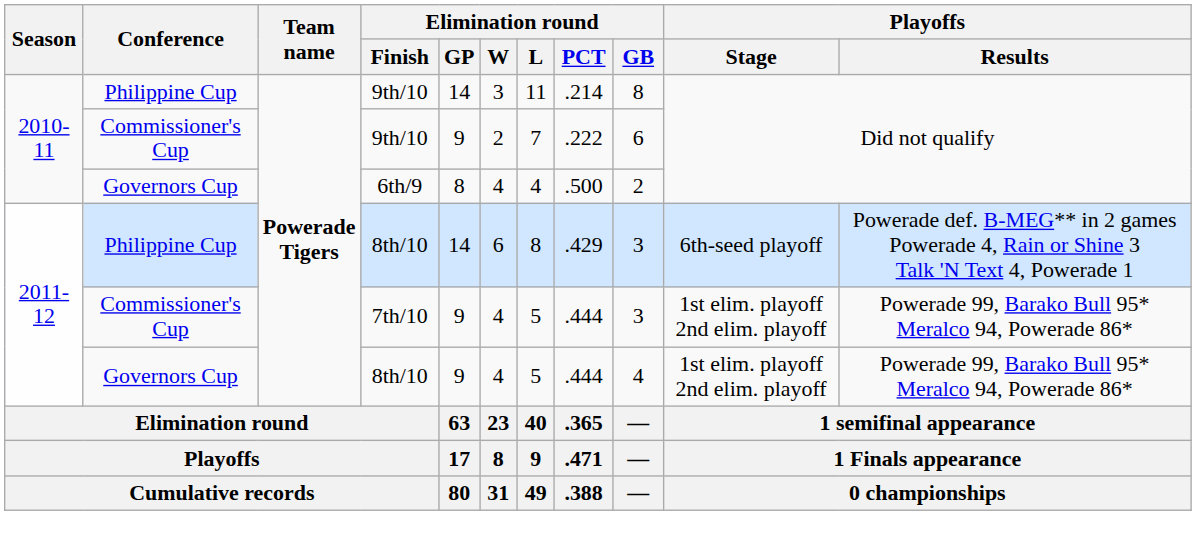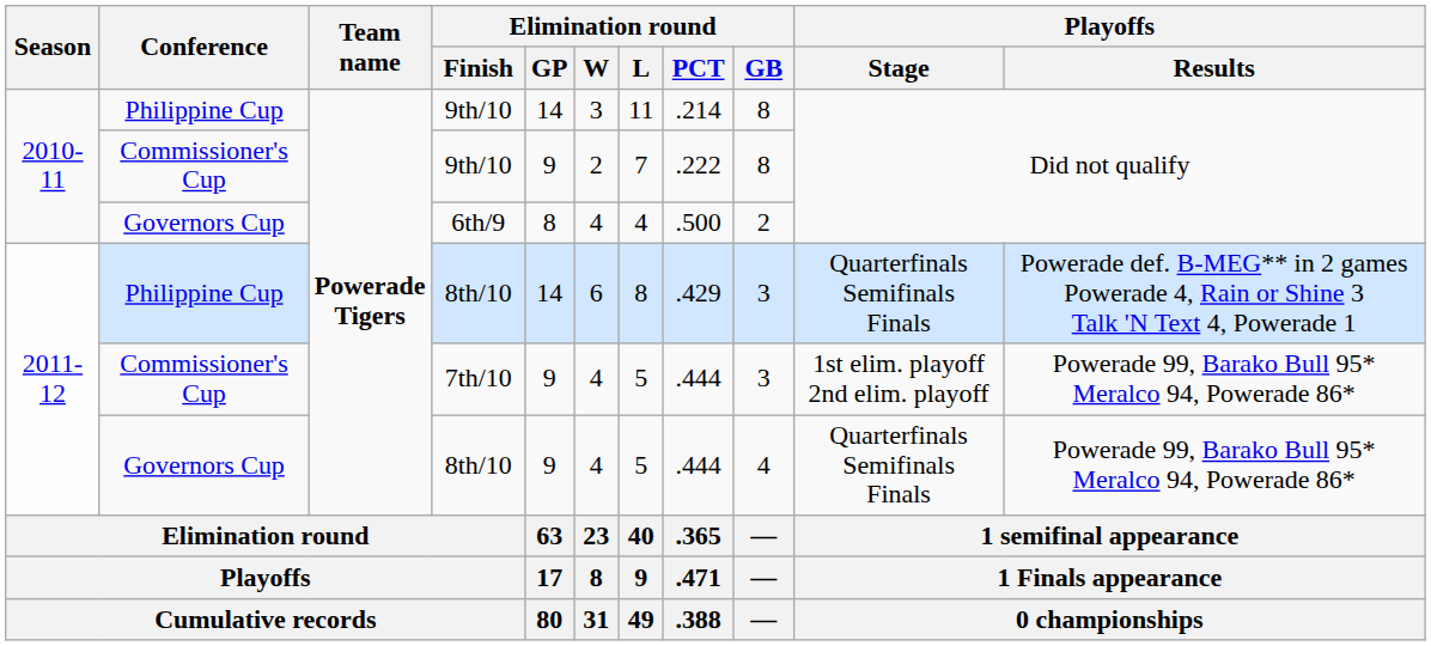 <table class=wikitable style="text-align:center;">
 <tr>
 <th width=50px rowspan=2>Season</th>
 <th width=120px rowspan=2>Conference</th>
 <th width=60px rowspan=2>Team name</th>
 <th colspan=6>Elimination round</th>
 <th colspan=2>Playoffs</th>
 </tr>
 <tr>
 <th width=50px>Finish</th>
 <th width=20px>GP</th>
 <th width=20px>W</th>
 <th width=20px>L</th>
 <th width=35px><a href='#'>PCT</a></th>
 <th width=30px><a href='#'>GB</a></th>
 <th width=120px>Stage</th>
 <th width=250px>Results</th>
 </tr>
 <tr>
 <td rowspan=3><a href='#'>2010-11</a></td>
 <td><a href='#'>Philippine Cup</a></td>
 <td rowspan=6><strong>Powerade Tigers</strong></td>
 <td>9th/10</td>
 <td>14</td>
 <td>3</td>
 <td>11</td>
 <td>.214</td>
 <td>8</td>
 <td rowspan=3 colspan=2>Did not qualify</td>
 </tr>
 <tr>
 <td><a href='#'>Commissioner's Cup</a></td>
 <td>9th/10</td>
 <td>9</td>
 <td>2</td>
 <td>7</td>
 <td>.222</td>
-<td>6</td>
+<td>8</td>
 </tr>
 <tr>
 <td><a href='#'>Governors Cup</a></td>
 <td>6th/9</td>
 <td>8</td>
 <td>4</td>
 <td>4</td>
 <td>.500</td>
 <td>2</td>
 </tr>
 <tr bgcolor=#D0E7FF>
 <td bgcolor=#fefefe rowspan=3><a href='#'>2011-12</a></td>
 <td><a href='#'>Philippine Cup</a></td>
 <td>8th/10</td>
 <td>14</td>
 <td>6</td>
 <td>8</td>
 <td>.429</td>
 <td>3</td>
-<td>6th-seed playoff</td>
+<td>Quarterfinals<br>Semifinals<br>Finals</td>
 <td>Powerade def. <a href='#'>B-MEG</a>** in 2 games<br>Powerade 4, <a href='#'>Rain or Shine</a> 3<br><a href='#'>Talk 'N Text</a> 4, Powerade 1</td>
 </tr>
 <tr>
 <td><a href='#'>Commissioner's Cup</a></td>
 <td>7th/10</td>
 <td>9</td>
 <td>4</td>
 <td>5</td>
 <td>.444</td>
 <td>3</td>
 <td>1st elim. playoff<br>2nd elim. playoff</td>
 <td>Powerade 99, <a href='#'>Barako Bull</a> 95*<br><a href='#'>Meralco</a> 94, Powerade 86*</td>
 </tr>
 <tr>
 <td><a href='#'>Governors Cup</a></td>
 <td>8th/10</td>
 <td>9</td>
 <td>4</td>
 <td>5</td>
 <td>.444</td>
 <td>4</td>
-<td>1st elim. playoff<br>2nd elim. playoff</td>
+<td>Quarterfinals<br>Semifinals<br>Finals</td>
 <td>Powerade 99, <a href='#'>Barako Bull</a> 95*<br><a href='#'>Meralco</a> 94, Powerade 86*</td>
 </tr>
 <tr>
 <th colspan=4>Elimination round</th>
 <th>63</th>
 <th>23</th>
 <th>40</th>
 <th>.365</th>
 <th>—</th>
 <th colspan=2>1 semifinal appearance</th>
 </tr>
 <tr>
 <th colspan=4>Playoffs</th>
 <th>17</th>
 <th>8</th>
 <th>9</th>
 <th>.471</th>
 <th>—</th>
 <th colspan=2>1 Finals appearance</th>
 </tr>
 <tr>
 <th colspan=4>Cumulative records</th>
 <th>80</th>
 <th>31</th>
 <th>49</th>
 <th>.388</th>
 <th>—</th>
 <th colspan=2>0 championships</th>
 </tr>
 </table>
